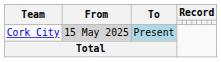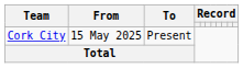 <table class="wikitable" style="text-align: center">
 <tr>
 <th rowspan="2">Team</th>
 <th rowspan="2">From</th>
 <th rowspan="2">To</th>
 <th colspan="8">Record</th>
 </tr>
 <tr>
 <th></th>
 <th></th>
 <th></th>
 <th></th>
 <th></th>
 <th></th>
 <th></th>
 <th></th>
 </tr>
 <tr>
 <td> <a href='#'>Cork City</a></td>
-<td style="background: lightgrey;">15 May 2025</td>
-<td style="background: lightblue;">Present<br></td>
+<td>15 May 2025</td>
+<td>Present<br></td>
 </tr>
 <tr>
 <th colspan="3">Total<br></th>
 </tr>
 </table>
